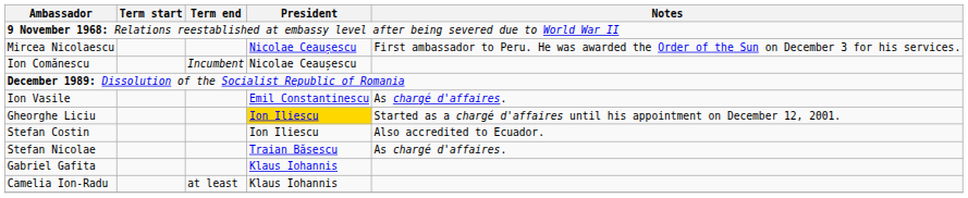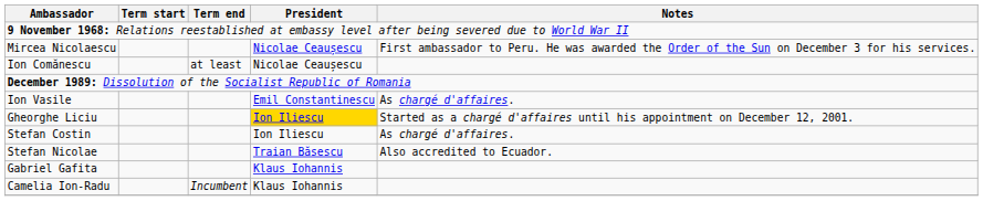 <table class="wikitable sortable">
 <tr>
 <th>Ambassador</th>
 <th>Term start</th>
 <th>Term end</th>
 <th>President</th>
 <th class="unsortable">Notes</th>
 </tr>
 <tr>
 <td colspan=6><div><strong>9 November 1968:</strong> <em>Relations reestablished at embassy level after being severed due to <a href='#'>World War II</a></em></div></td>
 </tr>
 <tr>
 <td>Mircea Nicolaescu</td>
 <td></td>
 <td></td>
 <td><a href='#'>Nicolae Ceaușescu</a></td>
 <td>First ambassador to Peru. He was awarded the <a href='#'>Order of the Sun</a> on December 3 for his services.</td>
 </tr>
 <tr>
 <td>Ion Comănescu</td>
 <td></td>
-<td><em>Incumbent</em></td>
+<td>at least </td>
 <td>Nicolae Ceaușescu</td>
 <td></td>
 </tr>
 <tr>
 <td colspan=6><div><strong>December 1989:</strong> <em><a href='#'>Dissolution</a> of the <a href='#'>Socialist Republic of Romania</a></em></div></td>
 </tr>
 <tr>
 <td>Ion Vasile</td>
 <td></td>
 <td></td>
 <td><a href='#'>Emil Constantinescu</a></td>
 <td>As <em><a href='#'>chargé d'affaires</a></em>.</td>
 </tr>
 <tr>
 <td>Gheorghe Liciu</td>
 <td></td>
 <td></td>
 <td style="background: gold;"><a href='#'>Ion Iliescu</a></td>
 <td>Started as a <em>chargé d'affaires</em> until his appointment on December 12, 2001.</td>
 </tr>
 <tr>
 <td>Stefan Costin</td>
 <td></td>
 <td></td>
 <td>Ion Iliescu</td>
-<td>Also accredited to Ecuador.</td>
+<td>As <em>chargé d'affaires</em>.</td>
 </tr>
 <tr>
 <td>Stefan Nicolae</td>
 <td></td>
 <td></td>
 <td><a href='#'>Traian Băsescu</a></td>
-<td>As <em>chargé d'affaires</em>.</td>
+<td>Also accredited to Ecuador.</td>
 </tr>
 <tr>
 <td>Gabriel Gafita</td>
 <td></td>
 <td></td>
 <td><a href='#'>Klaus Iohannis</a></td>
 <td></td>
 </tr>
 <tr>
 <td>Camelia Ion-Radu</td>
 <td></td>
-<td>at least </td>
+<td><em>Incumbent</em></td>
 <td>Klaus Iohannis</td>
 <td></td>
 </tr>
 <tr>
 </tr>
 </table>
